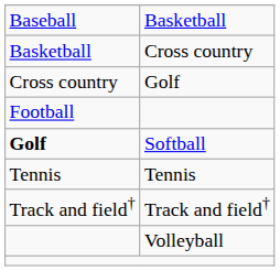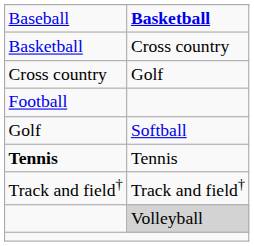 <table class="wikitable" style=" ">
 <tr>
 </tr>
 <tr>
 <td><a href='#'>Baseball</a></td>
-<td><a href='#'>Basketball</a></td>
+<td><strong><a href='#'>Basketball</a></strong></td>
 </tr>
 <tr>
 <td><a href='#'>Basketball</a></td>
 <td>Cross country</td>
 </tr>
 <tr>
 <td>Cross country</td>
 <td>Golf</td>
 </tr>
 <tr>
 <td><a href='#'>Football</a></td>
 <td></td>
 </tr>
 <tr>
-<td><strong>Golf</strong></td>
+<td>Golf</td>
 <td><a href='#'>Softball</a></td>
 </tr>
 <tr>
-<td>Tennis</td>
+<td><strong>Tennis</strong></td>
 <td>Tennis</td>
 </tr>
 <tr>
 <td>Track and field<sup>†</sup></td>
 <td>Track and field<sup>†</sup></td>
 </tr>
 <tr>
 <td></td>
-<td>Volleyball</td>
+<td style="background: lightgrey;">Volleyball</td>
 </tr>
 <tr>
 <td colspan="2"></td>
 </tr>
 </table>
